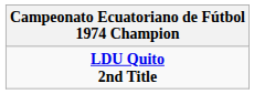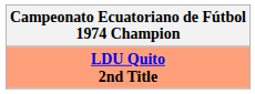 <table class="wikitable" style="text-align: center; margin: 0 auto;">
 <tr>
 <th>Campeonato Ecuatoriano de Fútbol<br>1974 Champion</th>
 </tr>
 <tr>
-<td><strong><a href='#'>LDU Quito</a></strong><br><strong>2nd Title</strong></td>
+<td style="background: lightsalmon;"><strong><a href='#'>LDU Quito</a></strong><br><strong>2nd Title</strong></td>
 </tr>
 </table>
